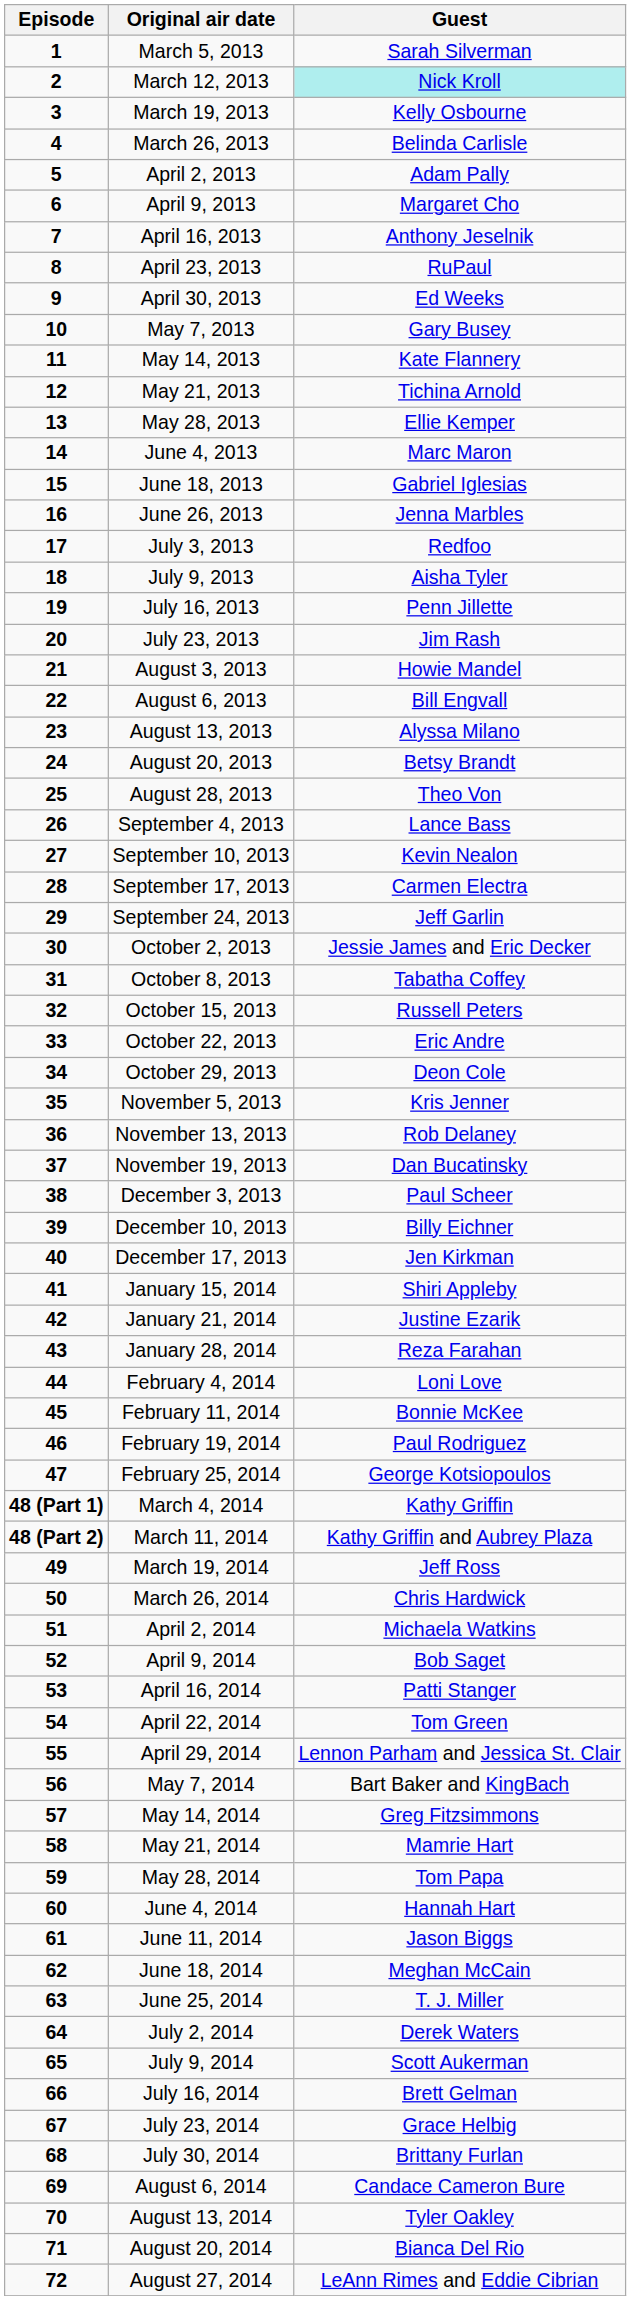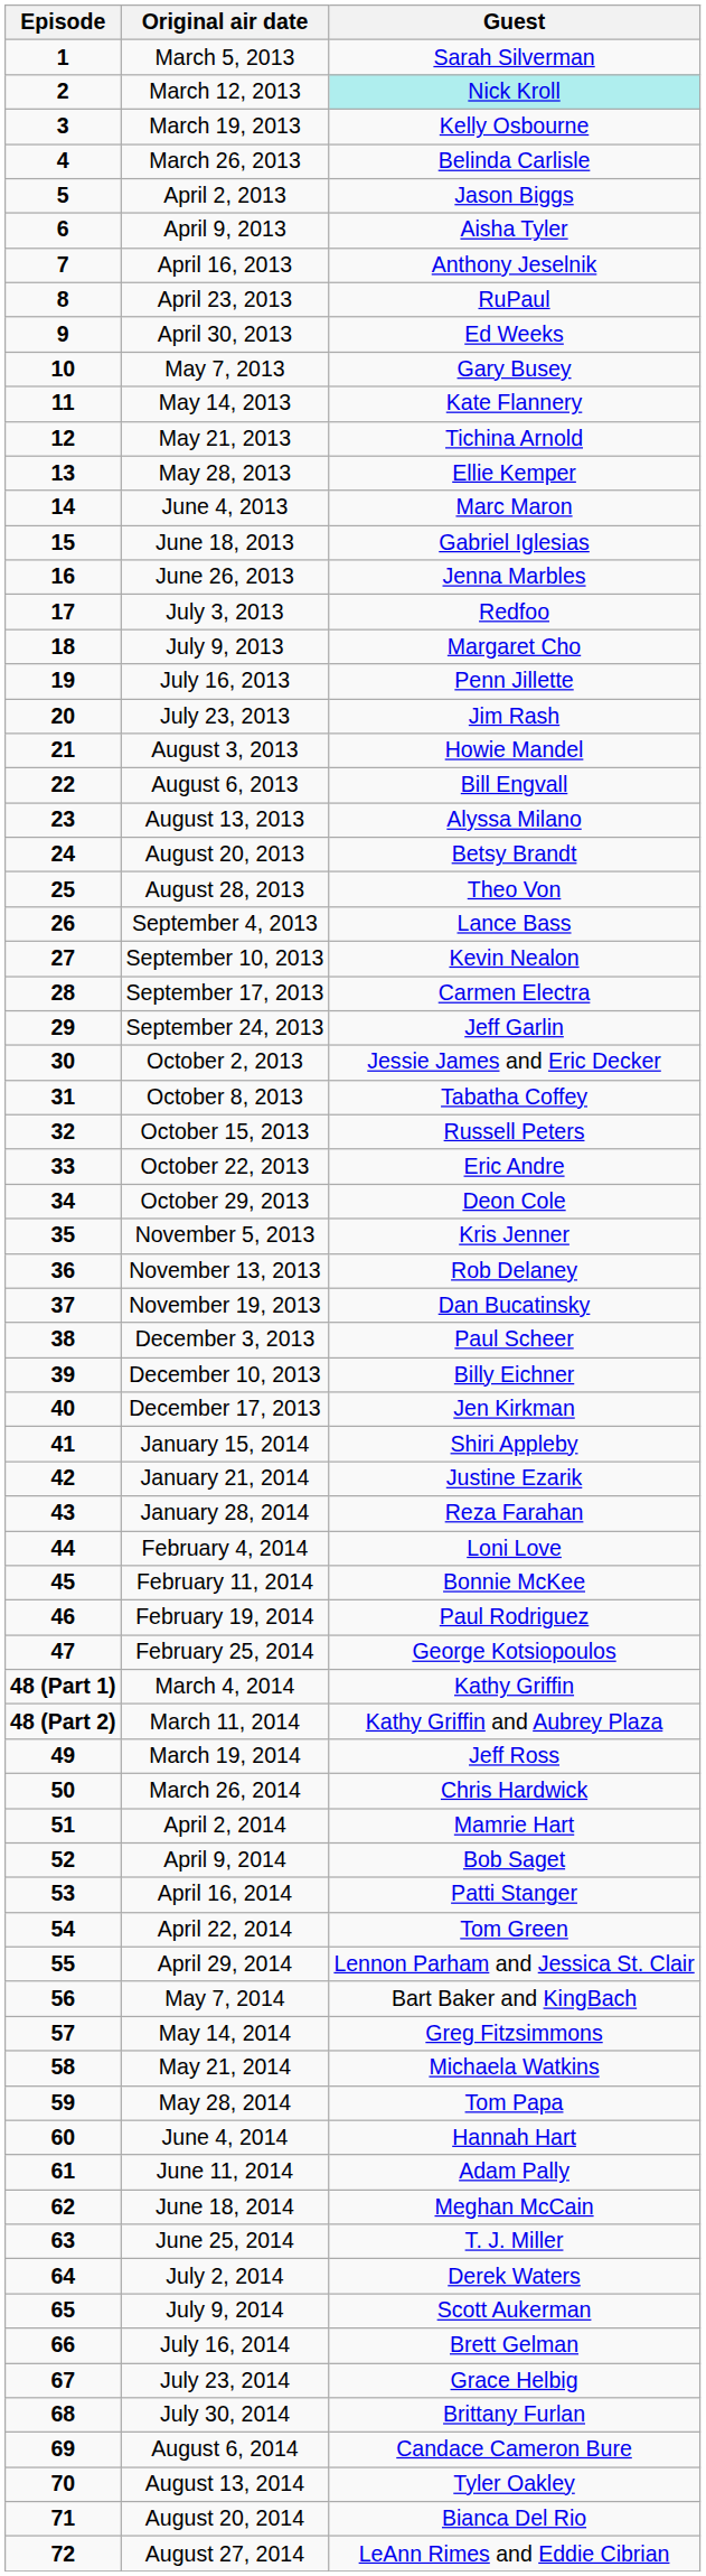 <table class="wikitable" style="text-align:center;">
 <tr>
 <th>Episode</th>
 <th>Original air date</th>
 <th>Guest</th>
 </tr>
 <tr>
 <td><strong>1</strong></td>
 <td>March 5, 2013</td>
 <td><a href='#'>Sarah Silverman</a></td>
 </tr>
 <tr>
 <td><strong>2</strong></td>
 <td>March 12, 2013</td>
 <td style="background: paleturquoise;"><a href='#'>Nick Kroll</a></td>
 </tr>
 <tr>
 <td><strong>3</strong></td>
 <td>March 19, 2013</td>
 <td><a href='#'>Kelly Osbourne</a></td>
 </tr>
 <tr>
 <td><strong>4</strong></td>
 <td>March 26, 2013</td>
 <td><a href='#'>Belinda Carlisle</a></td>
 </tr>
 <tr>
 <td><strong>5</strong></td>
 <td>April 2, 2013</td>
-<td><a href='#'>Adam Pally</a></td>
+<td><a href='#'>Jason Biggs</a></td>
 </tr>
 <tr>
 <td><strong>6</strong></td>
 <td>April 9, 2013</td>
-<td><a href='#'>Margaret Cho</a></td>
+<td><a href='#'>Aisha Tyler</a></td>
 </tr>
 <tr>
 <td><strong>7</strong></td>
 <td>April 16, 2013</td>
 <td><a href='#'>Anthony Jeselnik</a></td>
 </tr>
 <tr>
 <td><strong>8</strong></td>
 <td>April 23, 2013</td>
 <td><a href='#'>RuPaul</a></td>
 </tr>
 <tr>
 <td><strong>9</strong></td>
 <td>April 30, 2013</td>
 <td><a href='#'>Ed Weeks</a></td>
 </tr>
 <tr>
 <td><strong>10</strong></td>
 <td>May 7, 2013</td>
 <td><a href='#'>Gary Busey</a></td>
 </tr>
 <tr>
 <td><strong>11</strong></td>
 <td>May 14, 2013</td>
 <td><a href='#'>Kate Flannery</a></td>
 </tr>
 <tr>
 <td><strong>12</strong></td>
 <td>May 21, 2013</td>
 <td><a href='#'>Tichina Arnold</a></td>
 </tr>
 <tr>
 <td><strong>13</strong></td>
 <td>May 28, 2013</td>
 <td><a href='#'>Ellie Kemper</a></td>
 </tr>
 <tr>
 <td><strong>14</strong></td>
 <td>June 4, 2013</td>
 <td><a href='#'>Marc Maron</a></td>
 </tr>
 <tr>
 <td><strong>15</strong></td>
 <td>June 18, 2013</td>
 <td><a href='#'>Gabriel Iglesias</a></td>
 </tr>
 <tr>
 <td><strong>16</strong></td>
 <td>June 26, 2013</td>
 <td><a href='#'>Jenna Marbles</a></td>
 </tr>
 <tr>
 <td><strong>17</strong></td>
 <td>July 3, 2013</td>
 <td><a href='#'>Redfoo</a></td>
 </tr>
 <tr>
 <td><strong>18</strong></td>
 <td>July 9, 2013</td>
-<td><a href='#'>Aisha Tyler</a></td>
+<td><a href='#'>Margaret Cho</a></td>
 </tr>
 <tr>
 <td><strong>19</strong></td>
 <td>July 16, 2013</td>
 <td><a href='#'>Penn Jillette</a></td>
 </tr>
 <tr>
 <td><strong>20</strong></td>
 <td>July 23, 2013</td>
 <td><a href='#'>Jim Rash</a></td>
 </tr>
 <tr>
 <td><strong>21</strong></td>
 <td>August 3, 2013</td>
 <td><a href='#'>Howie Mandel</a></td>
 </tr>
 <tr>
 <td><strong>22</strong></td>
 <td>August 6, 2013</td>
 <td><a href='#'>Bill Engvall</a></td>
 </tr>
 <tr>
 <td><strong>23</strong></td>
 <td>August 13, 2013</td>
 <td><a href='#'>Alyssa Milano</a></td>
 </tr>
 <tr>
 <td><strong>24</strong></td>
 <td>August 20, 2013</td>
 <td><a href='#'>Betsy Brandt</a></td>
 </tr>
 <tr>
 <td><strong>25</strong></td>
 <td>August 28, 2013</td>
 <td><a href='#'>Theo Von</a></td>
 </tr>
 <tr>
 <td><strong>26</strong></td>
 <td>September 4, 2013</td>
 <td><a href='#'>Lance Bass</a></td>
 </tr>
 <tr>
 <td><strong>27</strong></td>
 <td>September 10, 2013</td>
 <td><a href='#'>Kevin Nealon</a></td>
 </tr>
 <tr>
 <td><strong>28</strong></td>
 <td>September 17, 2013</td>
 <td><a href='#'>Carmen Electra</a></td>
 </tr>
 <tr>
 <td><strong>29</strong></td>
 <td>September 24, 2013</td>
 <td><a href='#'>Jeff Garlin</a></td>
 </tr>
 <tr>
 <td><strong>30</strong></td>
 <td>October 2, 2013</td>
 <td><a href='#'>Jessie James</a> and <a href='#'>Eric Decker</a></td>
 </tr>
 <tr>
 <td><strong>31</strong></td>
 <td>October 8, 2013</td>
 <td><a href='#'>Tabatha Coffey</a></td>
 </tr>
 <tr>
 <td><strong>32</strong></td>
 <td>October 15, 2013</td>
 <td><a href='#'>Russell Peters</a></td>
 </tr>
 <tr>
 <td><strong>33</strong></td>
 <td>October 22, 2013</td>
 <td><a href='#'>Eric Andre</a></td>
 </tr>
 <tr>
 <td><strong>34</strong></td>
 <td>October 29, 2013</td>
 <td><a href='#'>Deon Cole</a></td>
 </tr>
 <tr>
 <td><strong>35</strong></td>
 <td>November 5, 2013</td>
 <td><a href='#'>Kris Jenner</a></td>
 </tr>
 <tr>
 <td><strong>36</strong></td>
 <td>November 13, 2013</td>
 <td><a href='#'>Rob Delaney</a></td>
 </tr>
 <tr>
 <td><strong>37</strong></td>
 <td>November 19, 2013</td>
 <td><a href='#'>Dan Bucatinsky</a></td>
 </tr>
 <tr>
 <td><strong>38</strong></td>
 <td>December 3, 2013</td>
 <td><a href='#'>Paul Scheer</a></td>
 </tr>
 <tr>
 <td><strong>39</strong></td>
 <td>December 10, 2013</td>
 <td><a href='#'>Billy Eichner</a></td>
 </tr>
 <tr>
 <td><strong>40</strong></td>
 <td>December 17, 2013</td>
 <td><a href='#'>Jen Kirkman</a></td>
 </tr>
 <tr>
 <td><strong>41</strong></td>
 <td>January 15, 2014</td>
 <td><a href='#'>Shiri Appleby</a></td>
 </tr>
 <tr>
 <td><strong>42</strong></td>
 <td>January 21, 2014</td>
 <td><a href='#'>Justine Ezarik</a></td>
 </tr>
 <tr>
 <td><strong>43</strong></td>
 <td>January 28, 2014</td>
 <td><a href='#'>Reza Farahan</a></td>
 </tr>
 <tr>
 <td><strong>44</strong></td>
 <td>February 4, 2014</td>
 <td><a href='#'>Loni Love</a></td>
 </tr>
 <tr>
 <td><strong>45</strong></td>
 <td>February 11, 2014</td>
 <td><a href='#'>Bonnie McKee</a></td>
 </tr>
 <tr>
 <td><strong>46</strong></td>
 <td>February 19, 2014</td>
 <td><a href='#'>Paul Rodriguez</a></td>
 </tr>
 <tr>
 <td><strong>47</strong></td>
 <td>February 25, 2014</td>
 <td><a href='#'>George Kotsiopoulos</a></td>
 </tr>
 <tr>
 <td><strong>48 (Part 1)</strong></td>
 <td>March 4, 2014</td>
 <td><a href='#'>Kathy Griffin</a></td>
 </tr>
 <tr>
 <td><strong>48 (Part 2)</strong></td>
 <td>March 11, 2014</td>
 <td><a href='#'>Kathy Griffin</a> and <a href='#'>Aubrey Plaza</a></td>
 </tr>
 <tr>
 <td><strong>49</strong></td>
 <td>March 19, 2014</td>
 <td><a href='#'>Jeff Ross</a></td>
 </tr>
 <tr>
 <td><strong>50</strong></td>
 <td>March 26, 2014</td>
 <td><a href='#'>Chris Hardwick</a></td>
 </tr>
 <tr>
 <td><strong>51</strong></td>
 <td>April 2, 2014</td>
-<td><a href='#'>Michaela Watkins</a></td>
+<td><a href='#'>Mamrie Hart</a></td>
 </tr>
 <tr>
 <td><strong>52</strong></td>
 <td>April 9, 2014</td>
 <td><a href='#'>Bob Saget</a></td>
 </tr>
 <tr>
 <td><strong>53</strong></td>
 <td>April 16, 2014</td>
 <td><a href='#'>Patti Stanger</a></td>
 </tr>
 <tr>
 <td><strong>54</strong></td>
 <td>April 22, 2014</td>
 <td><a href='#'>Tom Green</a></td>
 </tr>
 <tr>
 <td><strong>55</strong></td>
 <td>April 29, 2014</td>
 <td><a href='#'>Lennon Parham</a> and <a href='#'>Jessica St. Clair</a></td>
 </tr>
 <tr>
 <td><strong>56</strong></td>
 <td>May 7, 2014</td>
 <td>Bart Baker and <a href='#'>KingBach</a></td>
 </tr>
 <tr>
 <td><strong>57</strong></td>
 <td>May 14, 2014</td>
 <td><a href='#'>Greg Fitzsimmons</a></td>
 </tr>
 <tr>
 <td><strong>58</strong></td>
 <td>May 21, 2014</td>
-<td><a href='#'>Mamrie Hart</a></td>
+<td><a href='#'>Michaela Watkins</a></td>
 </tr>
 <tr>
 <td><strong>59</strong></td>
 <td>May 28, 2014</td>
 <td><a href='#'>Tom Papa</a></td>
 </tr>
 <tr>
 <td><strong>60</strong></td>
 <td>June 4, 2014</td>
 <td><a href='#'>Hannah Hart</a></td>
 </tr>
 <tr>
 <td><strong>61</strong></td>
 <td>June 11, 2014</td>
-<td><a href='#'>Jason Biggs</a></td>
+<td><a href='#'>Adam Pally</a></td>
 </tr>
 <tr>
 <td><strong>62</strong></td>
 <td>June 18, 2014</td>
 <td><a href='#'>Meghan McCain</a></td>
 </tr>
 <tr>
 <td><strong>63</strong></td>
 <td>June 25, 2014</td>
 <td><a href='#'>T. J. Miller</a></td>
 </tr>
 <tr>
 <td><strong>64</strong></td>
 <td>July 2, 2014</td>
 <td><a href='#'>Derek Waters</a></td>
 </tr>
 <tr>
 <td><strong>65</strong></td>
 <td>July 9, 2014</td>
 <td><a href='#'>Scott Aukerman</a></td>
 </tr>
 <tr>
 <td><strong>66</strong></td>
 <td>July 16, 2014</td>
 <td><a href='#'>Brett Gelman</a></td>
 </tr>
 <tr>
 <td><strong>67</strong></td>
 <td>July 23, 2014</td>
 <td><a href='#'>Grace Helbig</a></td>
 </tr>
 <tr>
 <td><strong>68</strong></td>
 <td>July 30, 2014</td>
 <td><a href='#'>Brittany Furlan</a></td>
 </tr>
 <tr>
 <td><strong>69</strong></td>
 <td>August 6, 2014</td>
 <td><a href='#'>Candace Cameron Bure</a></td>
 </tr>
 <tr>
 <td><strong>70</strong></td>
 <td>August 13, 2014</td>
 <td><a href='#'>Tyler Oakley</a></td>
 </tr>
 <tr>
 <td><strong>71</strong></td>
 <td>August 20, 2014</td>
 <td><a href='#'>Bianca Del Rio</a></td>
 </tr>
 <tr>
 <td><strong>72</strong></td>
 <td>August 27, 2014</td>
 <td><a href='#'>LeAnn Rimes</a> and <a href='#'>Eddie Cibrian</a></td>
 </tr>
 </table>
